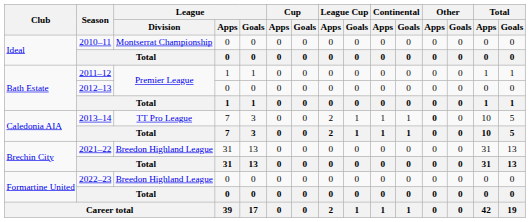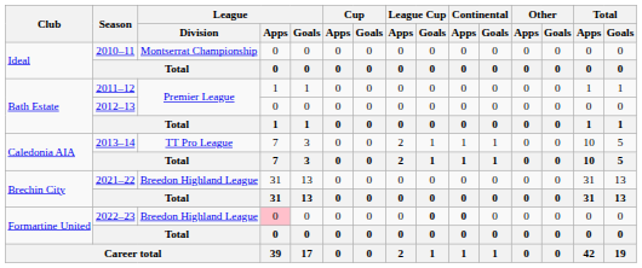 <table class="wikitable" style="text-align: center; font-size:90%;">
 <tr>
 <th rowspan="2">Club</th>
 <th rowspan="2">Season</th>
 <th colspan="3">League</th>
 <th colspan="2">Cup</th>
 <th colspan="2">League Cup</th>
 <th colspan="2">Continental</th>
 <th colspan="2">Other</th>
 <th colspan="2">Total</th>
 </tr>
 <tr>
 <th>Division</th>
 <th>Apps</th>
 <th>Goals</th>
 <th>Apps</th>
 <th>Goals</th>
 <th>Apps</th>
 <th>Goals</th>
 <th>Apps</th>
 <th>Goals</th>
 <th>Apps</th>
 <th>Goals</th>
 <th>Apps</th>
 <th>Goals</th>
 </tr>
 <tr>
 <td rowspan="2" align="left"><a href='#'>Ideal</a></td>
 <td><a href='#'>2010–11</a></td>
 <td rowspan="1"><a href='#'>Montserrat Championship</a></td>
 <td>0</td>
 <td>0</td>
 <td>0</td>
 <td>0</td>
 <td>0</td>
 <td>0</td>
 <td>0</td>
 <td>0</td>
 <td>0</td>
 <td>0</td>
 <td>0</td>
 <td>0</td>
 </tr>
 <tr>
 <th colspan="2">Total</th>
 <th>0</th>
 <th>0</th>
 <th>0</th>
 <th>0</th>
 <th>0</th>
 <th>0</th>
 <th>0</th>
 <th>0</th>
 <th>0</th>
 <th>0</th>
 <th>0</th>
 <th>0</th>
 </tr>
 <tr>
 <td rowspan="3" align="left"><a href='#'>Bath Estate</a></td>
 <td><a href='#'>2011–12</a></td>
 <td rowspan="2"><a href='#'>Premier League</a></td>
 <td>1</td>
 <td>1</td>
 <td>0</td>
 <td>0</td>
 <td>0</td>
 <td>0</td>
 <td>0</td>
 <td>0</td>
 <td>0</td>
 <td>0</td>
 <td>1</td>
 <td>1</td>
 </tr>
 <tr>
 <td><a href='#'>2012–13</a></td>
 <td>0</td>
 <td>0</td>
 <td>0</td>
 <td>0</td>
 <td>0</td>
 <td>0</td>
 <td>0</td>
 <td>0</td>
 <td>0</td>
 <td>0</td>
 <td>0</td>
 <td>0</td>
 </tr>
 <tr>
 <th colspan="2">Total</th>
 <th>1</th>
 <th>1</th>
 <th>0</th>
 <th>0</th>
 <th>0</th>
 <th>0</th>
 <th>0</th>
 <th>0</th>
 <th>0</th>
 <th>0</th>
 <th>1</th>
 <th>1</th>
 </tr>
 <tr>
 <td rowspan="2" align="left"><a href='#'>Caledonia AIA</a></td>
 <td><a href='#'>2013–14</a></td>
 <td rowspan="1"><a href='#'>TT Pro League</a></td>
 <td>7</td>
 <td>3</td>
 <td>0</td>
 <td>0</td>
 <td>2</td>
 <td>1</td>
 <td>1</td>
 <td>1</td>
-<td><strong>0</strong></td>
+<td>0</td>
 <td>0</td>
 <td>10</td>
 <td>5</td>
 </tr>
 <tr>
 <th colspan="2">Total</th>
 <th>7</th>
 <th>3</th>
 <th>0</th>
 <th>0</th>
 <th>2</th>
 <th>1</th>
 <th>1</th>
 <th>1</th>
 <th>0</th>
 <th>0</th>
 <th>10</th>
 <th>5</th>
 </tr>
 <tr>
 <td rowspan="2" align="left"><a href='#'>Brechin City</a></td>
 <td><a href='#'>2021–22</a></td>
 <td rowspan="1"><a href='#'>Breedon Highland League</a></td>
 <td>31</td>
 <td>13</td>
 <td>0</td>
 <td>0</td>
 <td>0</td>
 <td>0</td>
 <td>0</td>
 <td>0</td>
 <td>0</td>
 <td>0</td>
 <td>31</td>
 <td>13</td>
 </tr>
 <tr>
 <th colspan="2">Total</th>
 <th>31</th>
 <th>13</th>
 <th>0</th>
 <th>0</th>
 <th>0</th>
 <th>0</th>
 <th>0</th>
 <th>0</th>
 <th>0</th>
 <th>0</th>
 <th>31</th>
 <th>13</th>
 </tr>
 <tr>
 <td rowspan="2" align="left"><a href='#'>Formartine United</a></td>
 <td><a href='#'>2022–23</a></td>
 <td rowspan="1"><a href='#'>Breedon Highland League</a></td>
+<td style="background: pink;">0</td>
 <td>0</td>
 <td>0</td>
 <td>0</td>
 <td>0</td>
-<td>0</td>
-<td>0</td>
-<td>0</td>
+<td><strong>0</strong></td>
+<td><strong>0</strong></td>
 <td>0</td>
 <td>0</td>
 <td>0</td>
 <td>0</td>
 <td>0</td>
 </tr>
 <tr>
 <th colspan="2">Total</th>
 <th>0</th>
 <th>0</th>
 <th>0</th>
 <th>0</th>
 <th>0</th>
 <th>0</th>
 <th>0</th>
 <th>0</th>
 <th>0</th>
 <th>0</th>
 <th>0</th>
 <th>0</th>
 </tr>
 <tr>
 <th colspan=3>Career total</th>
 <th>39</th>
 <th>17</th>
 <th>0</th>
 <th>0</th>
 <th>2</th>
 <th>1</th>
 <th>1</th>
 <th>1</th>
 <th>0</th>
 <th>0</th>
 <th>42</th>
 <th>19</th>
 </tr>
 </table>
